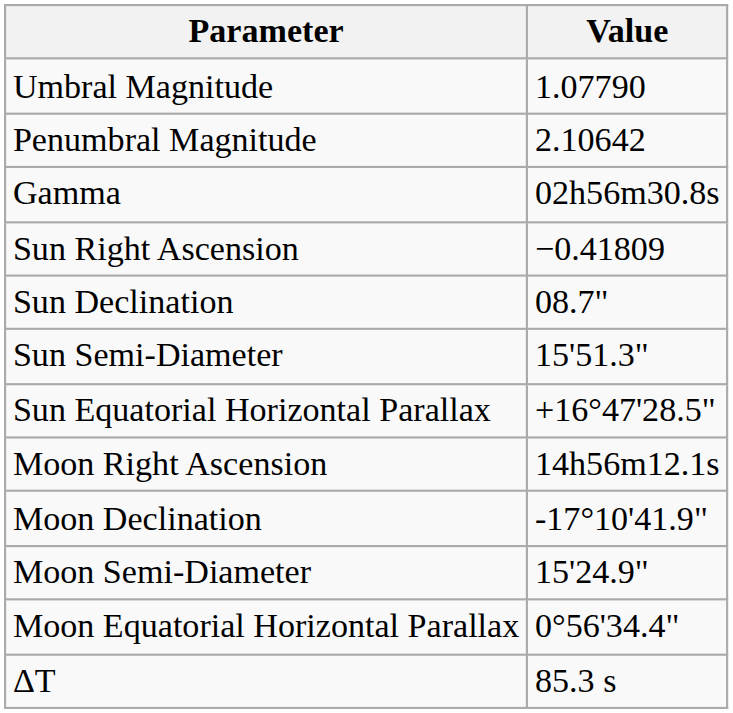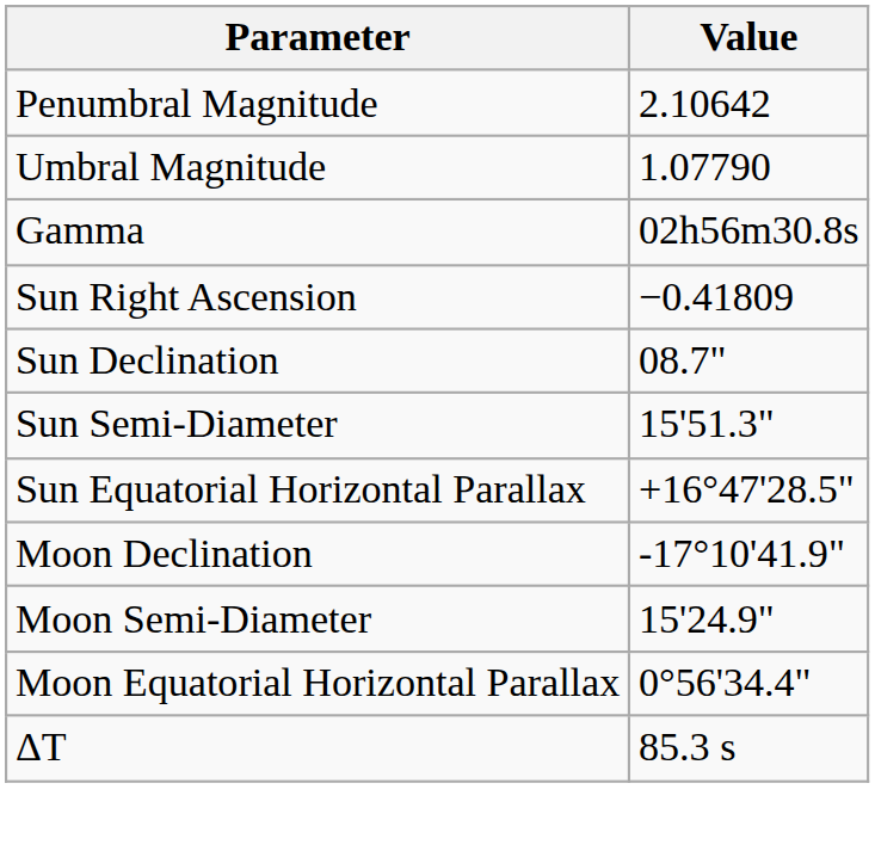 <table class="wikitable">
 <tr>
 <th>Parameter</th>
 <th>Value</th>
 </tr>
 <tr>
+<td>Penumbral Magnitude</td>
+<td>2.10642</td>
+</tr>
+<tr>
 <td>Umbral Magnitude</td>
 <td>1.07790</td>
-</tr>
-<tr>
-<td>Penumbral Magnitude</td>
-<td>2.10642</td>
 </tr>
 <tr>
 <td>Gamma</td>
 <td>02h56m30.8s</td>
 </tr>
 <tr>
 <td>Sun Right Ascension</td>
 <td>−0.41809</td>
 </tr>
 <tr>
 <td>Sun Declination</td>
 <td>08.7"</td>
 </tr>
 <tr>
 <td>Sun Semi-Diameter</td>
 <td>15'51.3"</td>
 </tr>
 <tr>
 <td>Sun Equatorial Horizontal Parallax</td>
 <td>+16°47'28.5"</td>
 </tr>
 <tr>
-<td>Moon Right Ascension</td>
-<td>14h56m12.1s</td>
-</tr>
-<tr>
 <td>Moon Declination</td>
 <td>-17°10'41.9"</td>
 </tr>
 <tr>
 <td>Moon Semi-Diameter</td>
 <td>15'24.9"</td>
 </tr>
 <tr>
 <td>Moon Equatorial Horizontal Parallax</td>
 <td>0°56'34.4"</td>
 </tr>
 <tr>
 <td>ΔT</td>
 <td>85.3 s</td>
 </tr>
 </table>
